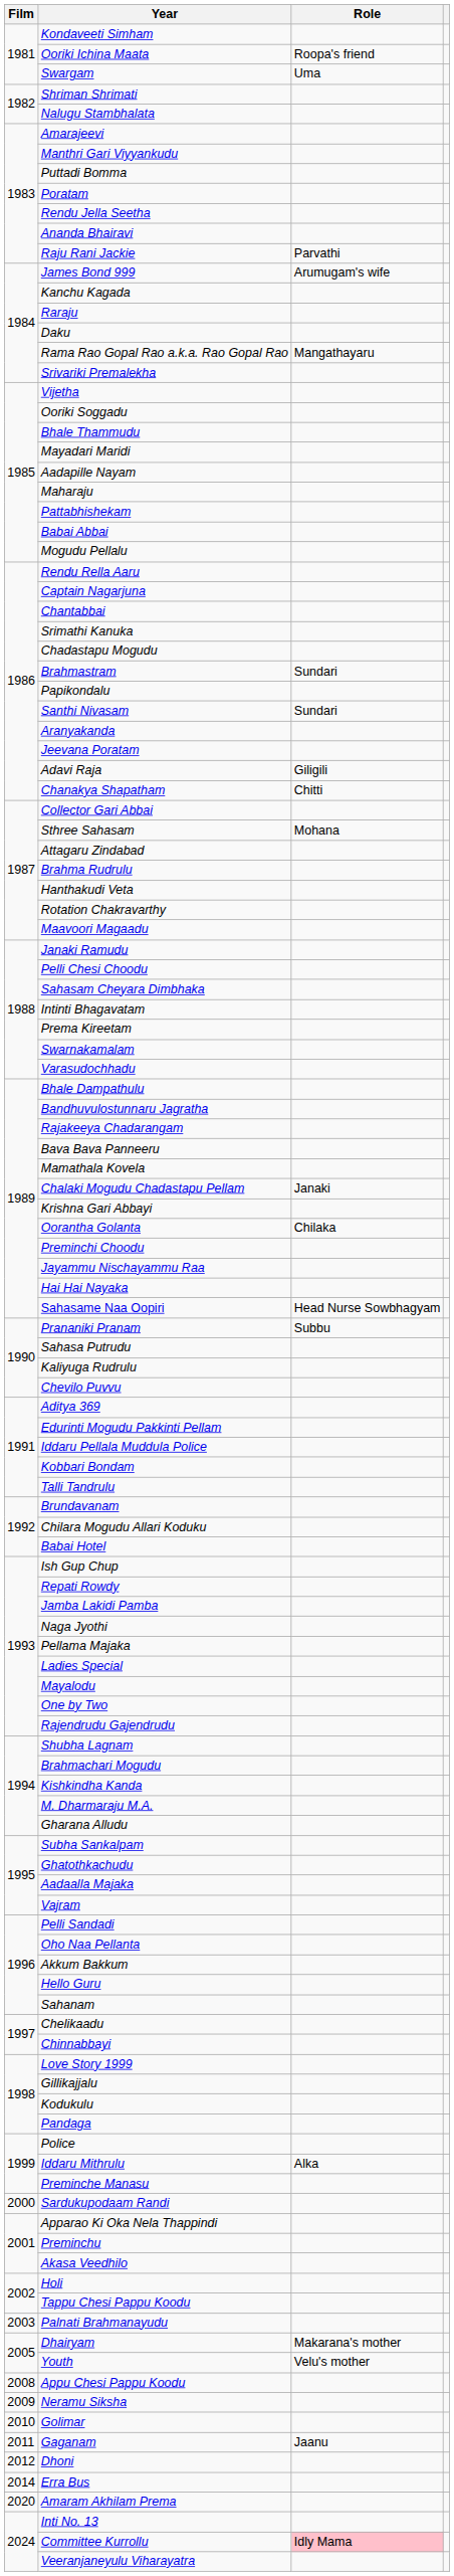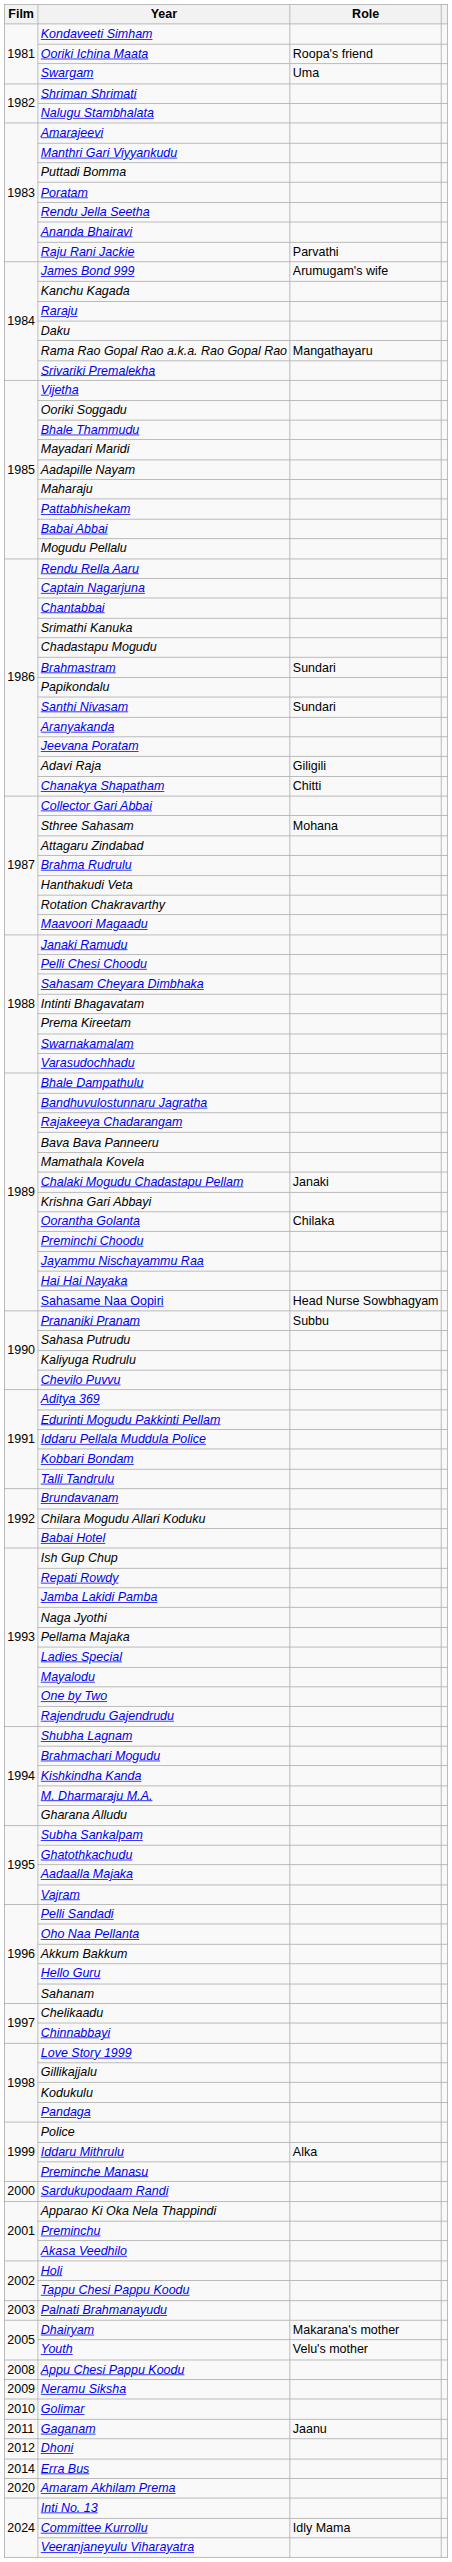 <table class="wikitable sortable">
 <tr>
 <th scope="col">Film</th>
 <th scope="col">Year</th>
 <th scope="col">Role</th>
 <th class="unsortable" ></th>
 </tr>
 <tr>
 <td rowspan="3">1981</td>
 <td><em><a href='#'>Kondaveeti Simham</a></em></td>
 <td></td>
 <td></td>
 </tr>
 <tr>
 <td><em><a href='#'>Ooriki Ichina Maata</a></em></td>
 <td>Roopa's friend</td>
 <td></td>
 </tr>
 <tr>
 <td><em><a href='#'>Swargam</a></em></td>
 <td>Uma</td>
 <td></td>
 </tr>
 <tr>
 <td rowspan="2">1982</td>
 <td><em><a href='#'>Shriman Shrimati</a></em></td>
 <td></td>
 <td></td>
 </tr>
 <tr>
 <td><a href='#'><em>Nalugu Stambhalata</em></a></td>
 <td></td>
 <td></td>
 </tr>
 <tr>
 <td rowspan="7">1983</td>
 <td><em><a href='#'>Amarajeevi</a></em></td>
 <td></td>
 <td></td>
 </tr>
 <tr>
 <td><em><a href='#'>Manthri Gari Viyyankudu</a></em></td>
 <td></td>
 <td></td>
 </tr>
 <tr>
 <td><em>Puttadi Bomma</em></td>
 <td></td>
 <td></td>
 </tr>
 <tr>
 <td><em><a href='#'>Poratam</a></em></td>
 <td></td>
 <td></td>
 </tr>
 <tr>
 <td><em><a href='#'>Rendu Jella Seetha</a></em></td>
 <td></td>
 <td></td>
 </tr>
 <tr>
 <td><em><a href='#'>Ananda Bhairavi</a></em></td>
 <td></td>
 <td></td>
 </tr>
 <tr>
 <td><em><a href='#'>Raju Rani Jackie</a></em></td>
 <td>Parvathi</td>
 <td></td>
 </tr>
 <tr>
 <td rowspan="6">1984</td>
 <td><em><a href='#'>James Bond 999</a></em></td>
 <td>Arumugam's wife</td>
 <td></td>
 </tr>
 <tr>
 <td><em>Kanchu Kagada</em></td>
 <td></td>
 <td></td>
 </tr>
 <tr>
 <td><em><a href='#'>Raraju</a></em></td>
 <td></td>
 <td></td>
 </tr>
 <tr>
 <td><em>Daku</em></td>
 <td></td>
 <td></td>
 </tr>
 <tr>
 <td><em>Rama Rao Gopal Rao a.k.a. Rao Gopal Rao</em></td>
 <td>Mangathayaru</td>
 <td></td>
 </tr>
 <tr>
 <td><em><a href='#'>Srivariki Premalekha</a></em></td>
 <td></td>
 <td></td>
 </tr>
 <tr>
 <td rowspan="9">1985</td>
 <td><em><a href='#'>Vijetha</a></em></td>
 <td></td>
 <td></td>
 </tr>
 <tr>
 <td><em>Ooriki Soggadu</em></td>
 <td></td>
 <td></td>
 </tr>
 <tr>
 <td><em><a href='#'>Bhale Thammudu</a></em></td>
 <td></td>
 <td></td>
 </tr>
 <tr>
 <td><em>Mayadari Maridi</em></td>
 <td></td>
 <td></td>
 </tr>
 <tr>
 <td><em>Aadapille Nayam</em></td>
 <td></td>
 <td></td>
 </tr>
 <tr>
 <td><em>Maharaju</em></td>
 <td></td>
 <td></td>
 </tr>
 <tr>
 <td><em><a href='#'>Pattabhishekam</a></em></td>
 <td></td>
 <td></td>
 </tr>
 <tr>
 <td><em><a href='#'>Babai Abbai</a></em></td>
 <td></td>
 <td></td>
 </tr>
 <tr>
 <td><em>Mogudu Pellalu</em></td>
 <td></td>
 <td></td>
 </tr>
 <tr>
 <td rowspan="12">1986</td>
 <td><em><a href='#'>Rendu Rella Aaru</a></em></td>
 <td></td>
 <td></td>
 </tr>
 <tr>
 <td><em><a href='#'>Captain Nagarjuna</a></em></td>
 <td></td>
 <td></td>
 </tr>
 <tr>
 <td><em><a href='#'>Chantabbai</a></em></td>
 <td></td>
 <td></td>
 </tr>
 <tr>
 <td><em>Srimathi Kanuka</em></td>
 <td></td>
 <td></td>
 </tr>
 <tr>
 <td><em>Chadastapu Mogudu</em></td>
 <td></td>
 <td></td>
 </tr>
 <tr>
 <td><em><a href='#'>Brahmastram</a></em></td>
 <td>Sundari</td>
 <td></td>
 </tr>
 <tr>
 <td><em>Papikondalu</em></td>
 <td></td>
 <td></td>
 </tr>
 <tr>
 <td><em><a href='#'>Santhi Nivasam</a></em></td>
 <td>Sundari</td>
 <td></td>
 </tr>
 <tr>
 <td><em><a href='#'>Aranyakanda</a></em></td>
 <td></td>
 <td></td>
 </tr>
 <tr>
 <td><em><a href='#'>Jeevana Poratam</a></em></td>
 <td></td>
 <td></td>
 </tr>
 <tr>
 <td><em>Adavi Raja</em></td>
 <td>Giligili</td>
 <td></td>
 </tr>
 <tr>
 <td><em><a href='#'>Chanakya Shapatham</a></em></td>
 <td>Chitti</td>
 <td></td>
 </tr>
 <tr>
 <td rowspan="7">1987</td>
 <td><em><a href='#'>Collector Gari Abbai</a></em></td>
 <td></td>
 <td></td>
 </tr>
 <tr>
 <td><em>Sthree Sahasam</em></td>
 <td>Mohana</td>
 <td></td>
 </tr>
 <tr>
 <td><em>Attagaru Zindabad</em></td>
 <td></td>
 <td></td>
 </tr>
 <tr>
 <td><em><a href='#'>Brahma Rudrulu</a></em></td>
 <td></td>
 <td></td>
 </tr>
 <tr>
 <td><em>Hanthakudi Veta</em></td>
 <td></td>
 <td></td>
 </tr>
 <tr>
 <td><em>Rotation Chakravarthy</em></td>
 <td></td>
 <td></td>
 </tr>
 <tr>
 <td><a href='#'><em>Maavoori Magaadu</em></a></td>
 <td></td>
 <td></td>
 </tr>
 <tr>
 <td rowspan="7">1988</td>
 <td><em><a href='#'>Janaki Ramudu</a></em></td>
 <td></td>
 <td></td>
 </tr>
 <tr>
 <td><em><a href='#'>Pelli Chesi Choodu</a></em></td>
 <td></td>
 <td></td>
 </tr>
 <tr>
 <td><em><a href='#'>Sahasam Cheyara Dimbhaka</a></em></td>
 <td></td>
 <td></td>
 </tr>
 <tr>
 <td><em>Intinti Bhagavatam</em></td>
 <td></td>
 <td></td>
 </tr>
 <tr>
 <td><em>Prema Kireetam</em></td>
 <td></td>
 <td></td>
 </tr>
 <tr>
 <td><em><a href='#'>Swarnakamalam</a></em></td>
 <td></td>
 <td></td>
 </tr>
 <tr>
 <td><em><a href='#'>Varasudochhadu</a></em></td>
 <td></td>
 <td></td>
 </tr>
 <tr>
 <td rowspan="12">1989</td>
 <td><em><a href='#'>Bhale Dampathulu</a></em></td>
 <td></td>
 <td></td>
 </tr>
 <tr>
 <td><em><a href='#'>Bandhuvulostunnaru Jagratha</a></em></td>
 <td></td>
 <td></td>
 </tr>
 <tr>
 <td><em><a href='#'>Rajakeeya Chadarangam</a></em></td>
 <td></td>
 <td></td>
 </tr>
 <tr>
 <td><em>Bava Bava Panneeru</em></td>
 <td></td>
 <td></td>
 </tr>
 <tr>
 <td><em>Mamathala Kovela</em></td>
 <td></td>
 <td></td>
 </tr>
 <tr>
 <td><em><a href='#'>Chalaki Mogudu Chadastapu Pellam</a></em></td>
 <td>Janaki</td>
 <td></td>
 </tr>
 <tr>
 <td><em>Krishna Gari Abbayi</em></td>
 <td></td>
 <td></td>
 </tr>
 <tr>
 <td><em><a href='#'>Oorantha Golanta</a></em></td>
 <td>Chilaka</td>
 <td></td>
 </tr>
 <tr>
 <td><em><a href='#'>Preminchi Choodu</a></em></td>
 <td></td>
 <td></td>
 </tr>
 <tr>
 <td><a href='#'><em>Jayammu Nischayammu Raa</em></a></td>
 <td></td>
 <td></td>
 </tr>
 <tr>
 <td><em><a href='#'>Hai Hai Nayaka</a></em></td>
 <td></td>
 <td></td>
 </tr>
 <tr>
 <td><a href='#'>Sahasame Naa Oopiri</a></td>
 <td>Head Nurse Sowbhagyam</td>
 <td></td>
 </tr>
 <tr>
 <td rowspan="4">1990</td>
 <td><em><a href='#'>Prananiki Pranam</a></em></td>
 <td>Subbu</td>
 <td></td>
 </tr>
 <tr>
 <td><em>Sahasa Putrudu</em></td>
 <td></td>
 <td></td>
 </tr>
 <tr>
 <td><em>Kaliyuga Rudrulu</em></td>
 <td></td>
 <td></td>
 </tr>
 <tr>
 <td><em><a href='#'>Chevilo Puvvu</a></em></td>
 <td></td>
 <td></td>
 </tr>
 <tr>
 <td rowspan="5">1991</td>
 <td><em><a href='#'>Aditya 369</a></em></td>
 <td></td>
 <td></td>
 </tr>
 <tr>
 <td><em><a href='#'>Edurinti Mogudu Pakkinti Pellam</a></em></td>
 <td></td>
 <td></td>
 </tr>
 <tr>
 <td><em><a href='#'>Iddaru Pellala Muddula Police</a></em></td>
 <td></td>
 <td></td>
 </tr>
 <tr>
 <td><em><a href='#'>Kobbari Bondam</a></em></td>
 <td></td>
 <td></td>
 </tr>
 <tr>
 <td><em><a href='#'>Talli Tandrulu</a></em></td>
 <td></td>
 <td></td>
 </tr>
 <tr>
 <td rowspan="3">1992</td>
 <td><em><a href='#'>Brundavanam</a></em></td>
 <td></td>
 <td></td>
 </tr>
 <tr>
 <td><em>Chilara Mogudu Allari Koduku</em></td>
 <td></td>
 <td></td>
 </tr>
 <tr>
 <td><em><a href='#'>Babai Hotel</a></em></td>
 <td></td>
 <td></td>
 </tr>
 <tr>
 <td rowspan="9">1993</td>
 <td><em>Ish Gup Chup</em></td>
 <td></td>
 <td></td>
 </tr>
 <tr>
 <td><em><a href='#'>Repati Rowdy</a></em></td>
 <td></td>
 <td></td>
 </tr>
 <tr>
 <td><em><a href='#'>Jamba Lakidi Pamba</a></em></td>
 <td></td>
 <td></td>
 </tr>
 <tr>
 <td><em>Naga Jyothi</em></td>
 <td></td>
 <td></td>
 </tr>
 <tr>
 <td><em>Pellama Majaka</em></td>
 <td></td>
 <td></td>
 </tr>
 <tr>
 <td><em><a href='#'>Ladies Special</a></em></td>
 <td></td>
 <td></td>
 </tr>
 <tr>
 <td><em><a href='#'>Mayalodu</a></em></td>
 <td></td>
 <td></td>
 </tr>
 <tr>
 <td><a href='#'><em>One by Two</em></a></td>
 <td></td>
 <td></td>
 </tr>
 <tr>
 <td><em><a href='#'>Rajendrudu Gajendrudu</a></em></td>
 <td></td>
 <td></td>
 </tr>
 <tr>
 <td rowspan="5">1994</td>
 <td><em><a href='#'>Shubha Lagnam</a></em></td>
 <td></td>
 <td></td>
 </tr>
 <tr>
 <td><em><a href='#'>Brahmachari Mogudu</a></em></td>
 <td></td>
 <td></td>
 </tr>
 <tr>
 <td><em><a href='#'>Kishkindha Kanda</a></em></td>
 <td></td>
 <td></td>
 </tr>
 <tr>
 <td><em><a href='#'>M. Dharmaraju M.A.</a></em></td>
 <td></td>
 <td></td>
 </tr>
 <tr>
 <td><em>Gharana Alludu</em></td>
 <td></td>
 <td></td>
 </tr>
 <tr>
 <td rowspan="4">1995</td>
 <td><em><a href='#'>Subha Sankalpam</a></em></td>
 <td></td>
 <td></td>
 </tr>
 <tr>
 <td><em><a href='#'>Ghatothkachudu</a></em></td>
 <td></td>
 <td></td>
 </tr>
 <tr>
 <td><em><a href='#'>Aadaalla Majaka</a></em></td>
 <td></td>
 <td></td>
 </tr>
 <tr>
 <td><a href='#'><em>Vajram</em></a></td>
 <td></td>
 <td></td>
 </tr>
 <tr>
 <td rowspan="5">1996</td>
 <td><em><a href='#'>Pelli Sandadi</a></em></td>
 <td></td>
 <td></td>
 </tr>
 <tr>
 <td><em><a href='#'>Oho Naa Pellanta</a></em></td>
 <td></td>
 <td></td>
 </tr>
 <tr>
 <td><em>Akkum Bakkum</em></td>
 <td></td>
 <td></td>
 </tr>
 <tr>
 <td><em><a href='#'>Hello Guru</a></em></td>
 <td></td>
 <td></td>
 </tr>
 <tr>
 <td><em>Sahanam </em></td>
 <td></td>
 <td></td>
 </tr>
 <tr>
 <td rowspan="2">1997</td>
 <td><em>Chelikaadu</em></td>
 <td></td>
 <td></td>
 </tr>
 <tr>
 <td><em><a href='#'>Chinnabbayi</a></em></td>
 <td></td>
 <td></td>
 </tr>
 <tr>
 <td rowspan="4">1998</td>
 <td><em><a href='#'>Love Story 1999</a></em></td>
 <td></td>
 <td></td>
 </tr>
 <tr>
 <td><em>Gillikajjalu</em></td>
 <td></td>
 <td></td>
 </tr>
 <tr>
 <td><em>Kodukulu</em></td>
 <td></td>
 <td></td>
 </tr>
 <tr>
 <td><em><a href='#'>Pandaga</a></em></td>
 <td></td>
 <td></td>
 </tr>
 <tr>
 <td rowspan="3">1999</td>
 <td><em>Police</em></td>
 <td></td>
 <td></td>
 </tr>
 <tr>
 <td><em><a href='#'>Iddaru Mithrulu</a></em></td>
 <td>Alka</td>
 <td></td>
 </tr>
 <tr>
 <td><em><a href='#'>Preminche Manasu</a></em></td>
 <td></td>
 <td></td>
 </tr>
 <tr>
 <td>2000</td>
 <td><em><a href='#'>Sardukupodaam Randi</a></em></td>
 <td></td>
 <td></td>
 </tr>
 <tr>
 <td rowspan="3">2001</td>
 <td><em>Apparao Ki Oka Nela Thappindi</em></td>
 <td></td>
 <td></td>
 </tr>
 <tr>
 <td><em><a href='#'>Preminchu</a></em></td>
 <td></td>
 <td></td>
 </tr>
 <tr>
 <td><em><a href='#'>Akasa Veedhilo</a></em></td>
 <td></td>
 <td></td>
 </tr>
 <tr>
 <td rowspan="2">2002</td>
 <td><a href='#'><em>Holi</em></a></td>
 <td></td>
 <td></td>
 </tr>
 <tr>
 <td><em><a href='#'>Tappu Chesi Pappu Koodu</a></em></td>
 <td></td>
 <td></td>
 </tr>
 <tr>
 <td>2003</td>
 <td><em><a href='#'>Palnati Brahmanayudu</a></em></td>
 <td></td>
 <td></td>
 </tr>
 <tr>
 <td rowspan="2">2005</td>
 <td><em><a href='#'>Dhairyam</a></em></td>
 <td>Makarana's mother</td>
 <td></td>
 </tr>
 <tr>
 <td><em><a href='#'>Youth</a></em></td>
 <td>Velu's mother</td>
 <td></td>
 </tr>
 <tr>
 <td>2008</td>
 <td><em><a href='#'>Appu Chesi Pappu Koodu</a></em></td>
 <td></td>
 <td></td>
 </tr>
 <tr>
 <td>2009</td>
 <td><em><a href='#'>Neramu Siksha</a></em></td>
 <td></td>
 <td></td>
 </tr>
 <tr>
 <td>2010</td>
 <td><a href='#'><em>Golimar</em></a></td>
 <td></td>
 <td></td>
 </tr>
 <tr>
 <td>2011</td>
 <td><em><a href='#'>Gaganam</a></em></td>
 <td>Jaanu</td>
 <td></td>
 </tr>
 <tr>
 <td>2012</td>
 <td><a href='#'><em>Dhoni</em></a></td>
 <td></td>
 <td></td>
 </tr>
 <tr>
 <td>2014</td>
 <td><em><a href='#'>Erra Bus</a></em></td>
 <td></td>
 <td></td>
 </tr>
 <tr>
 <td>2020</td>
 <td><em><a href='#'>Amaram Akhilam Prema</a></em></td>
 <td></td>
 <td></td>
 </tr>
 <tr>
 <td rowspan="3">2024</td>
 <td><em><a href='#'>Inti No. 13</a></em></td>
 <td></td>
 <td></td>
 </tr>
 <tr>
 <td><em><a href='#'>Committee Kurrollu</a></em></td>
-<td style="background: pink;">Idly Mama</td>
+<td>Idly Mama</td>
 <td></td>
 </tr>
 <tr>
 <td><em><a href='#'>Veeranjaneyulu Viharayatra</a></em></td>
 <td></td>
 <td></td>
 </tr>
 </table>
